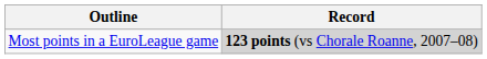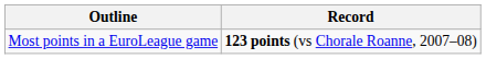 <table class="wikitable" style="text-align: center; font-size:95%">
 <tr>
 <th>Outline</th>
 <th>Record</th>
 </tr>
 <tr>
 <td align="left"><a href='#'>Most points in a EuroLeague game</a></td>
-<td style="background: lightgrey;"><strong>123 points</strong> (vs <a href='#'>Chorale Roanne</a>, 2007–08)</td>
+<td><strong>123 points</strong> (vs <a href='#'>Chorale Roanne</a>, 2007–08)</td>
 </tr>
 </table>
